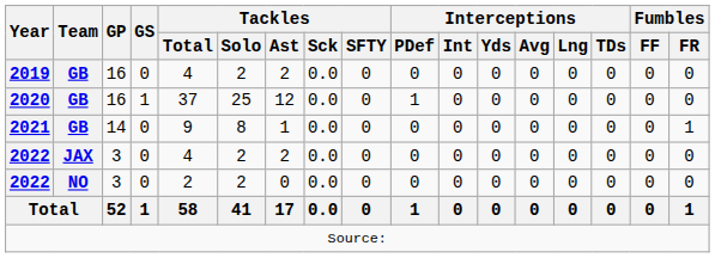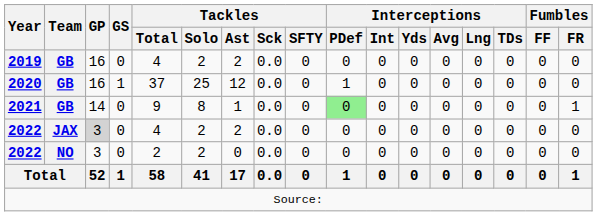 <table class="wikitable" style="text-align: center;">
 <tr>
 <th rowspan=2>Year</th>
 <th rowspan=2>Team</th>
 <th rowspan=2>GP</th>
 <th rowspan=2>GS</th>
 <th colspan=5>Tackles</th>
 <th colspan=6>Interceptions</th>
 <th colspan=2>Fumbles</th>
 </tr>
 <tr>
 <th>Total</th>
 <th>Solo</th>
 <th>Ast</th>
 <th>Sck</th>
 <th>SFTY</th>
 <th>PDef</th>
 <th>Int</th>
 <th>Yds</th>
 <th>Avg</th>
 <th>Lng</th>
 <th>TDs</th>
 <th>FF</th>
 <th>FR</th>
 </tr>
 <tr>
 <th><a href='#'>2019</a></th>
 <th><a href='#'>GB</a></th>
 <td>16</td>
 <td>0</td>
 <td>4</td>
 <td>2</td>
 <td>2</td>
 <td>0.0</td>
 <td>0</td>
 <td>0</td>
 <td>0</td>
 <td>0</td>
 <td>0</td>
 <td>0</td>
 <td>0</td>
 <td>0</td>
 <td>0</td>
 </tr>
 <tr>
 <th><a href='#'>2020</a></th>
 <th><a href='#'>GB</a></th>
 <td>16</td>
 <td>1</td>
 <td>37</td>
 <td>25</td>
 <td>12</td>
 <td>0.0</td>
 <td>0</td>
 <td>1</td>
 <td>0</td>
 <td>0</td>
 <td>0</td>
 <td>0</td>
 <td>0</td>
 <td>0</td>
 <td>0</td>
 </tr>
 <tr>
 <th><a href='#'>2021</a></th>
 <th><a href='#'>GB</a></th>
 <td>14</td>
 <td>0</td>
 <td>9</td>
 <td>8</td>
 <td>1</td>
 <td>0.0</td>
 <td>0</td>
-<td>0</td>
+<td style="background: lightgreen;">0</td>
 <td>0</td>
 <td>0</td>
 <td>0</td>
 <td>0</td>
 <td>0</td>
 <td>0</td>
 <td>1</td>
 </tr>
 <tr>
 <th><a href='#'>2022</a></th>
 <th><a href='#'>JAX</a></th>
-<td>3</td>
+<td style="background: lightgrey;">3</td>
 <td>0</td>
 <td>4</td>
 <td>2</td>
 <td>2</td>
 <td>0.0</td>
 <td>0</td>
 <td>0</td>
 <td>0</td>
 <td>0</td>
 <td>0</td>
 <td>0</td>
 <td>0</td>
 <td>0</td>
 <td>0</td>
 </tr>
 <tr>
 <th><a href='#'>2022</a></th>
 <th><a href='#'>NO</a></th>
 <td>3</td>
 <td>0</td>
 <td>2</td>
 <td>2</td>
 <td>0</td>
 <td>0.0</td>
 <td>0</td>
 <td>0</td>
 <td>0</td>
 <td>0</td>
 <td>0</td>
 <td>0</td>
 <td>0</td>
 <td>0</td>
 <td>0</td>
 </tr>
 <tr>
 <th colspan="2">Total</th>
 <th>52</th>
 <th>1</th>
 <th>58</th>
 <th>41</th>
 <th>17</th>
 <th>0.0</th>
 <th>0</th>
 <th>1</th>
 <th>0</th>
 <th>0</th>
 <th>0</th>
 <th>0</th>
 <th>0</th>
 <th>0</th>
 <th>1</th>
 </tr>
 <tr>
 <td colspan="17"><small>Source: </small></td>
 </tr>
 </table>
